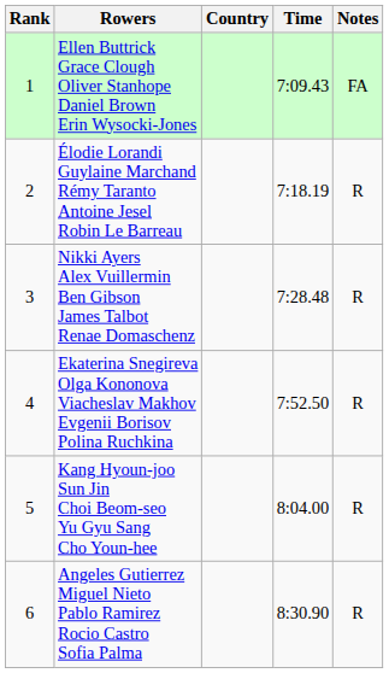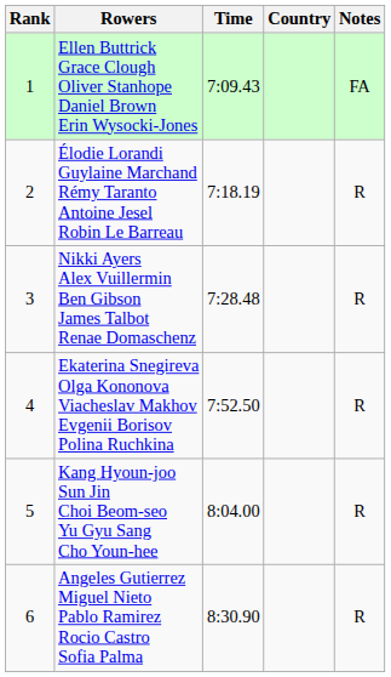 <table class="wikitable" style="text-align:center">
 <tr>
 <th>Rank</th>
 <th>Rowers</th>
+<th>Time</th>
 <th>Country</th>
-<th>Time</th>
 <th>Notes</th>
 </tr>
 <tr bgcolor=ccffcc>
 <td>1</td>
 <td align="left"><a href='#'>Ellen Buttrick</a><br><a href='#'>Grace Clough</a><br><a href='#'>Oliver Stanhope</a><br><a href='#'>Daniel Brown</a><br><a href='#'>Erin Wysocki-Jones</a></td>
+<td>7:09.43</td>
 <td align="left"></td>
-<td>7:09.43</td>
 <td>FA</td>
 </tr>
 <tr>
 <td>2</td>
 <td align="left"><a href='#'>Élodie Lorandi</a><br><a href='#'>Guylaine Marchand</a><br><a href='#'>Rémy Taranto</a><br><a href='#'>Antoine Jesel</a><br><a href='#'>Robin Le Barreau</a></td>
+<td>7:18.19</td>
 <td align="left"></td>
-<td>7:18.19</td>
 <td>R</td>
 </tr>
 <tr>
 <td>3</td>
 <td align="left"><a href='#'>Nikki Ayers</a><br><a href='#'>Alex Vuillermin</a><br><a href='#'>Ben Gibson</a><br><a href='#'>James Talbot</a><br><a href='#'>Renae Domaschenz</a></td>
+<td>7:28.48</td>
 <td align="left"></td>
-<td>7:28.48</td>
 <td>R</td>
 </tr>
 <tr>
 <td>4</td>
 <td align="left"><a href='#'>Ekaterina Snegireva</a><br><a href='#'>Olga Kononova</a><br><a href='#'>Viacheslav Makhov</a><br><a href='#'>Evgenii Borisov</a><br><a href='#'>Polina Ruchkina</a></td>
+<td>7:52.50</td>
 <td align="left"></td>
-<td>7:52.50</td>
 <td>R</td>
 </tr>
 <tr>
 <td>5</td>
 <td align="left"><a href='#'>Kang Hyoun-joo</a><br><a href='#'>Sun Jin</a><br><a href='#'>Choi Beom-seo</a><br><a href='#'>Yu Gyu Sang</a><br><a href='#'>Cho Youn-hee</a></td>
+<td>8:04.00</td>
 <td align="left"></td>
-<td>8:04.00</td>
 <td>R</td>
 </tr>
 <tr>
 <td>6</td>
 <td align="left"><a href='#'>Angeles Gutierrez</a><br><a href='#'>Miguel Nieto</a><br><a href='#'>Pablo Ramirez</a><br><a href='#'>Rocio Castro</a><br><a href='#'>Sofia Palma</a></td>
+<td>8:30.90</td>
 <td align="left"></td>
-<td>8:30.90</td>
 <td>R</td>
 </tr>
 </table>
